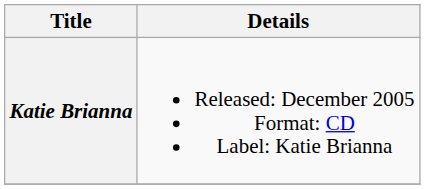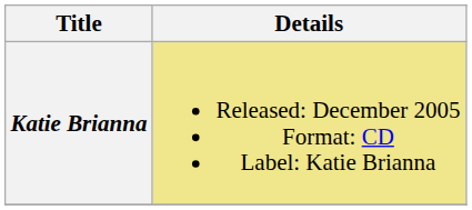 <table class="wikitable plainrowheaders" style="text-align:center;" border="1">
 <tr>
 <th>Title</th>
 <th>Details</th>
 </tr>
 <tr>
 <th scope="row"><em>Katie Brianna</em></th>
-<td><br><ul><li>Released: December 2005</li><li>Format: <a href='#'>CD</a></li><li>Label: Katie Brianna </li></ul></td>
+<td style="background: khaki;"><br><ul><li>Released: December 2005</li><li>Format: <a href='#'>CD</a></li><li>Label: Katie Brianna </li></ul></td>
 </tr>
 <tr>
 </tr>
 </table>
